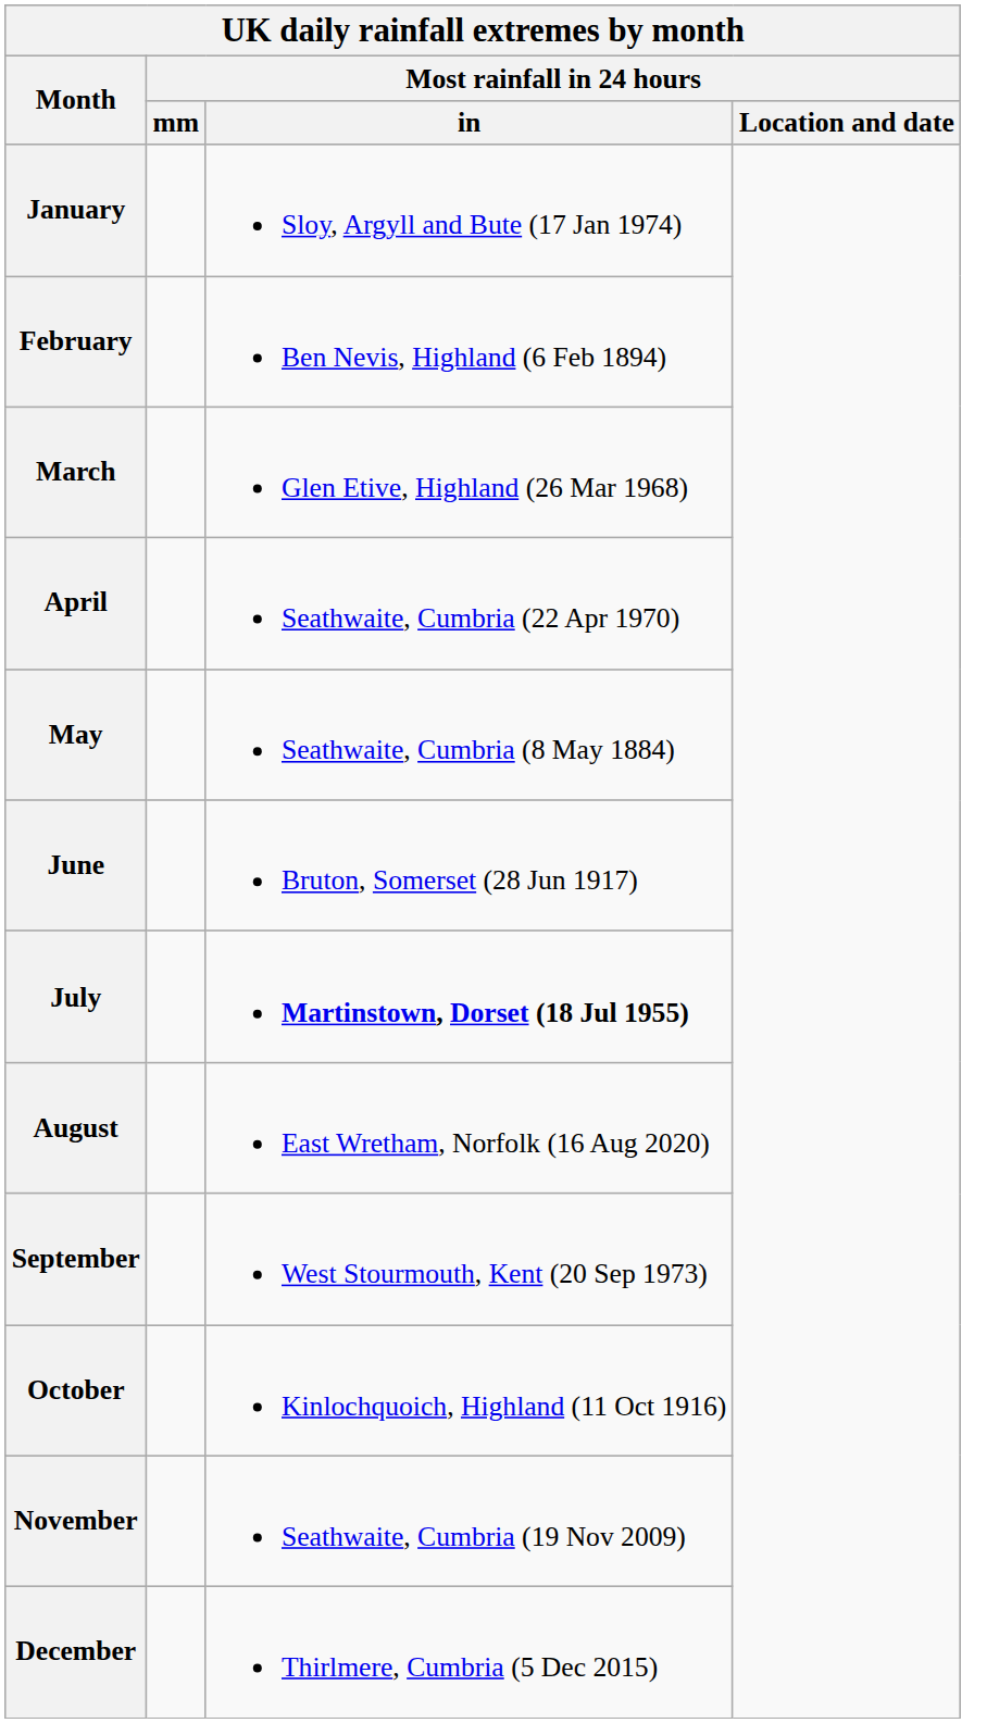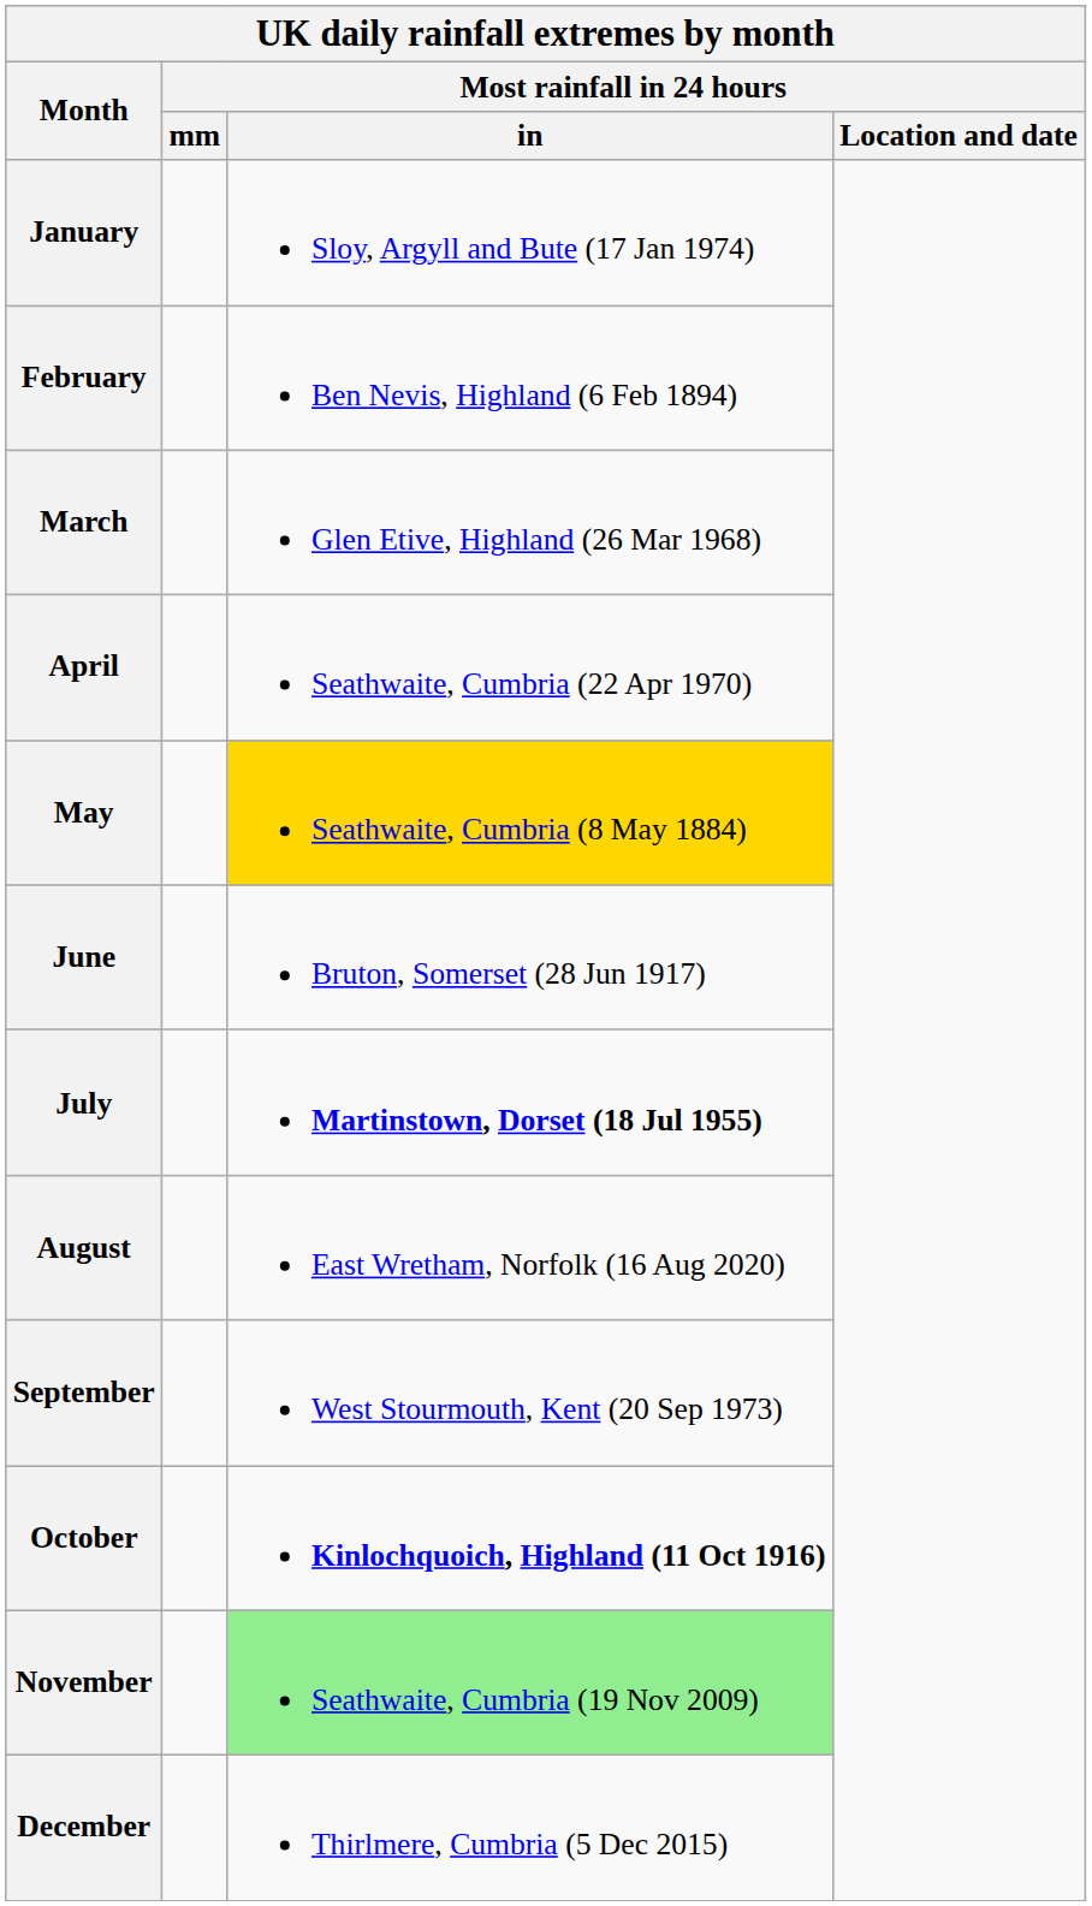 <table class=wikitable>
 <tr>
 <th colspan=7><big>UK daily rainfall extremes by month</big></th>
 </tr>
 <tr>
 <th rowspan=2>Month</th>
 <th colspan=3>Most rainfall in 24 hours</th>
 </tr>
 <tr>
 <th>mm</th>
 <th>in</th>
 <th>Location and date</th>
 </tr>
 <tr>
 <th>January</th>
 <td></td>
 <td><br><ul><li><a href='#'>Sloy</a>, <a href='#'>Argyll and Bute</a> (17 Jan 1974)</li></ul></td>
 </tr>
 <tr>
 <th>February</th>
 <td></td>
 <td><br><ul><li><a href='#'>Ben Nevis</a>, <a href='#'>Highland</a> (6 Feb 1894)</li></ul></td>
 </tr>
 <tr>
 <th>March</th>
 <td></td>
 <td><br><ul><li><a href='#'>Glen Etive</a>, <a href='#'>Highland</a> (26 Mar 1968)</li></ul></td>
 </tr>
 <tr>
 <th>April</th>
 <td></td>
 <td><br><ul><li><a href='#'>Seathwaite</a>, <a href='#'>Cumbria</a> (22 Apr 1970)</li></ul></td>
 </tr>
 <tr>
 <th>May</th>
 <td></td>
-<td><br><ul><li><a href='#'>Seathwaite</a>, <a href='#'>Cumbria</a> (8 May 1884)</li></ul></td>
+<td style="background: gold;"><br><ul><li><a href='#'>Seathwaite</a>, <a href='#'>Cumbria</a> (8 May 1884)</li></ul></td>
 </tr>
 <tr>
 <th>June</th>
 <td></td>
 <td><br><ul><li><a href='#'>Bruton</a>, <a href='#'>Somerset</a> (28 Jun 1917)</li></ul></td>
 </tr>
 <tr>
 <th>July</th>
 <td></td>
 <td><strong><br><ul><li><a href='#'>Martinstown</a>, <a href='#'>Dorset</a> (18 Jul 1955)</li></ul></strong></td>
 </tr>
 <tr>
 <th>August</th>
 <td></td>
 <td><br><ul><li><a href='#'>East Wretham</a>, Norfolk (16 Aug 2020)</li></ul></td>
 </tr>
 <tr>
 <th>September</th>
 <td></td>
 <td><br><ul><li><a href='#'>West Stourmouth</a>, <a href='#'>Kent</a> (20 Sep 1973)</li></ul></td>
 </tr>
 <tr>
 <th>October</th>
 <td></td>
-<td><br><ul><li><a href='#'>Kinlochquoich</a>, <a href='#'>Highland</a> (11 Oct 1916)</li></ul></td>
+<td><strong><br><ul><li><a href='#'>Kinlochquoich</a>, <a href='#'>Highland</a> (11 Oct 1916)</li></ul></strong></td>
 </tr>
 <tr>
 <th>November</th>
 <td></td>
-<td><br><ul><li><a href='#'>Seathwaite</a>, <a href='#'>Cumbria</a> (19 Nov 2009)</li></ul></td>
+<td style="background: lightgreen;"><br><ul><li><a href='#'>Seathwaite</a>, <a href='#'>Cumbria</a> (19 Nov 2009)</li></ul></td>
 </tr>
 <tr>
 <th>December</th>
 <td></td>
 <td><br><ul><li><a href='#'>Thirlmere</a>, <a href='#'>Cumbria</a> (5 Dec 2015)</li></ul></td>
 </tr>
 </table>
